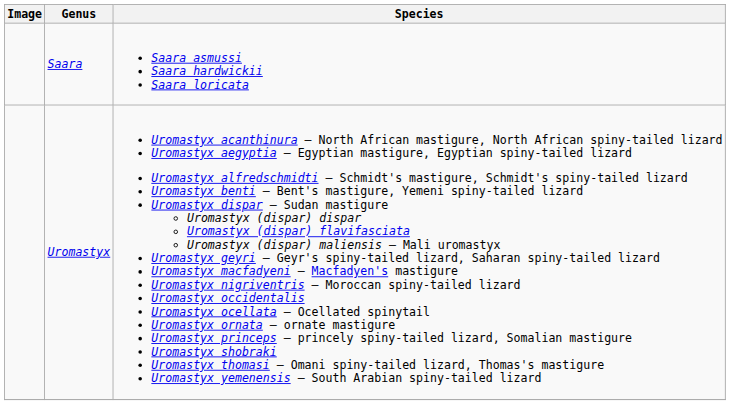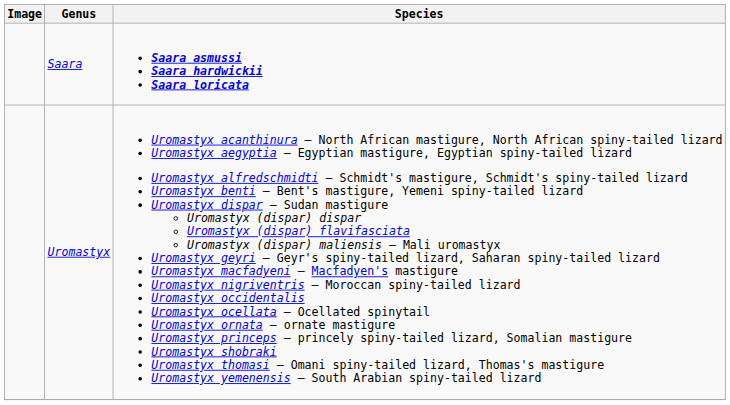 <table class="wikitable">
 <tr>
 <th>Image</th>
 <th>Genus</th>
 <th>Species</th>
 </tr>
 <tr>
 <td></td>
 <td><em><a href='#'>Saara</a></em> </td>
-<td><br><ul><li><em><a href='#'>Saara asmussi</a></em> </li><li><em><a href='#'>Saara hardwickii</a></em> </li><li><em><a href='#'>Saara loricata</a></em> </li></ul></td>
+<td><strong><br><ul><li><em><a href='#'>Saara asmussi</a></em> </li><li><em><a href='#'>Saara hardwickii</a></em> </li><li><em><a href='#'>Saara loricata</a></em> </li></ul></strong></td>
 </tr>
 <tr>
 <td></td>
 <td><em><a href='#'>Uromastyx</a></em> </td>
 <td><br><ul><li><em><a href='#'>Uromastyx acanthinura</a></em>  – North African mastigure, North African spiny-tailed lizard</li><li><em><a href='#'>Uromastyx aegyptia</a></em>  – Egyptian mastigure, Egyptian spiny-tailed lizard</li></ul><ul><li><em><a href='#'>Uromastyx alfredschmidti</a></em>  – Schmidt's mastigure, Schmidt's spiny-tailed lizard</li><li><em><a href='#'>Uromastyx benti</a></em>  – Bent's mastigure, Yemeni spiny-tailed lizard</li><li><em><a href='#'>Uromastyx dispar</a></em>  – Sudan mastigure<ul><li><em>Uromastyx (dispar) dispar</em> </li><li><em><a href='#'>Uromastyx (dispar) flavifasciata</a></em> </li><li><em>Uromastyx (dispar) maliensis</em>  – Mali uromastyx</li></ul></li><li><em><a href='#'>Uromastyx geyri</a></em>  – Geyr's spiny-tailed lizard, Saharan spiny-tailed lizard</li><li><em><a href='#'>Uromastyx macfadyeni</a></em>  – <a href='#'>Macfadyen's</a> mastigure</li><li><em><a href='#'>Uromastyx nigriventris</a></em>  – Moroccan spiny-tailed lizard</li><li><em><a href='#'>Uromastyx occidentalis</a></em> </li><li><em><a href='#'>Uromastyx ocellata</a></em>  – Ocellated spinytail</li><li><em><a href='#'>Uromastyx ornata</a></em>  – ornate mastigure</li><li><em><a href='#'>Uromastyx princeps</a></em>  – princely spiny-tailed lizard, Somalian mastigure</li><li><em><a href='#'>Uromastyx shobraki</a></em> </li><li><em><a href='#'>Uromastyx thomasi</a></em>  – Omani spiny-tailed lizard, Thomas's mastigure</li><li><em><a href='#'>Uromastyx yemenensis</a></em>  – South Arabian spiny-tailed lizard</li></ul></td>
 </tr>
 <tr>
 </tr>
 </table>
